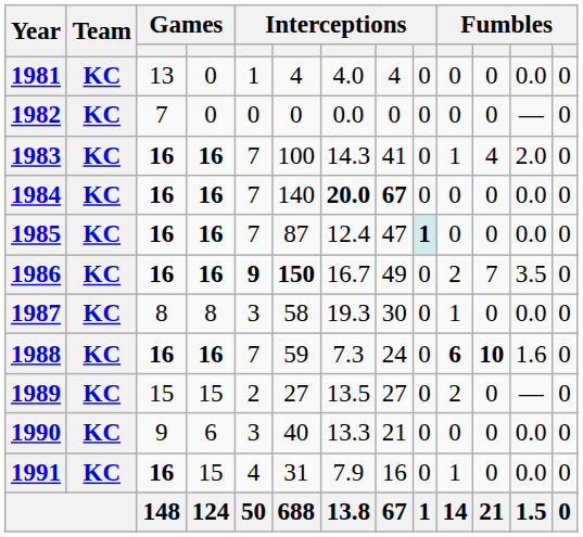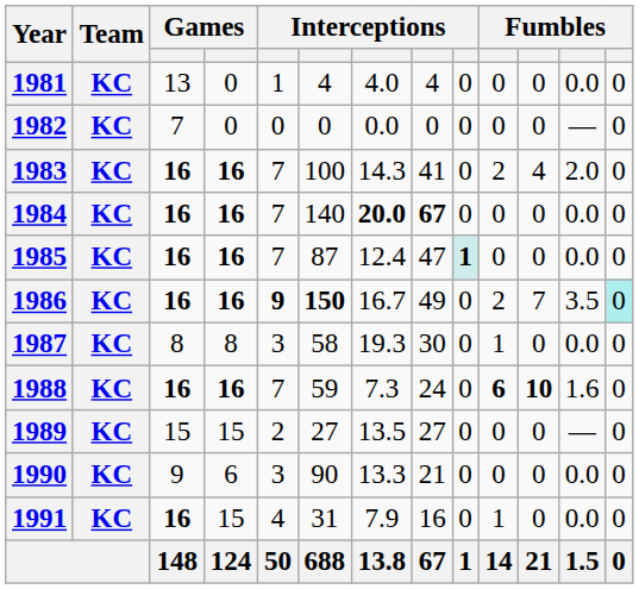 <table class="wikitable" style="text-align:center;">
 <tr>
 <th rowspan="2">Year</th>
 <th rowspan="2">Team</th>
 <th colspan="2">Games</th>
 <th colspan="5">Interceptions</th>
 <th colspan="4">Fumbles</th>
 </tr>
 <tr>
 <th></th>
 <th></th>
 <th></th>
 <th></th>
 <th></th>
 <th></th>
 <th></th>
 <th></th>
 <th></th>
 <th></th>
 <th></th>
 </tr>
 <tr>
 <th><a href='#'>1981</a></th>
 <th><a href='#'>KC</a></th>
 <td>13</td>
 <td>0</td>
 <td>1</td>
 <td>4</td>
 <td>4.0</td>
 <td>4</td>
 <td>0</td>
 <td>0</td>
 <td>0</td>
 <td>0.0</td>
 <td>0</td>
 </tr>
 <tr>
 <th><a href='#'>1982</a></th>
 <th><a href='#'>KC</a></th>
 <td>7</td>
 <td>0</td>
 <td>0</td>
 <td>0</td>
 <td>0.0</td>
 <td>0</td>
 <td>0</td>
 <td>0</td>
 <td>0</td>
 <td>—</td>
 <td>0</td>
 </tr>
 <tr>
 <th><a href='#'>1983</a></th>
 <th><a href='#'>KC</a></th>
 <td><strong>16</strong></td>
 <td><strong>16</strong></td>
 <td>7</td>
 <td>100</td>
 <td>14.3</td>
 <td>41</td>
 <td>0</td>
-<td>1</td>
+<td>2</td>
 <td>4</td>
 <td>2.0</td>
 <td>0</td>
 </tr>
 <tr>
 <th><a href='#'>1984</a></th>
 <th><a href='#'>KC</a></th>
 <td><strong>16</strong></td>
 <td><strong>16</strong></td>
 <td>7</td>
 <td>140</td>
 <td><strong>20.0</strong></td>
 <td><strong>67</strong></td>
 <td>0</td>
 <td>0</td>
 <td>0</td>
 <td>0.0</td>
 <td>0</td>
 </tr>
 <tr>
 <th><a href='#'>1985</a></th>
 <th><a href='#'>KC</a></th>
 <td><strong>16</strong></td>
 <td><strong>16</strong></td>
 <td>7</td>
 <td>87</td>
 <td>12.4</td>
 <td>47</td>
 <td style="background:#cfecec;"><strong>1</strong></td>
 <td>0</td>
 <td>0</td>
 <td>0.0</td>
 <td>0</td>
 </tr>
 <tr>
 <th><a href='#'>1986</a></th>
 <th><a href='#'>KC</a></th>
 <td><strong>16</strong></td>
 <td><strong>16</strong></td>
 <td><strong>9</strong></td>
 <td><strong>150</strong></td>
 <td>16.7</td>
 <td>49</td>
 <td>0</td>
 <td>2</td>
 <td>7</td>
 <td>3.5</td>
-<td>0</td>
+<td style="background: paleturquoise;">0</td>
 </tr>
 <tr>
 <th><a href='#'>1987</a></th>
 <th><a href='#'>KC</a></th>
 <td>8</td>
 <td>8</td>
 <td>3</td>
 <td>58</td>
 <td>19.3</td>
 <td>30</td>
 <td>0</td>
 <td>1</td>
 <td>0</td>
 <td>0.0</td>
 <td>0</td>
 </tr>
 <tr>
 <th><a href='#'>1988</a></th>
 <th><a href='#'>KC</a></th>
 <td><strong>16</strong></td>
 <td><strong>16</strong></td>
 <td>7</td>
 <td>59</td>
 <td>7.3</td>
 <td>24</td>
 <td>0</td>
 <td><strong>6</strong></td>
 <td><strong>10</strong></td>
 <td>1.6</td>
 <td>0</td>
 </tr>
 <tr>
 <th><a href='#'>1989</a></th>
 <th><a href='#'>KC</a></th>
 <td>15</td>
 <td>15</td>
 <td>2</td>
 <td>27</td>
 <td>13.5</td>
 <td>27</td>
 <td>0</td>
-<td>2</td>
+<td>0</td>
 <td>0</td>
 <td>—</td>
 <td>0</td>
 </tr>
 <tr>
 <th><a href='#'>1990</a></th>
 <th><a href='#'>KC</a></th>
 <td>9</td>
 <td>6</td>
 <td>3</td>
-<td>40</td>
+<td>90</td>
 <td>13.3</td>
 <td>21</td>
 <td>0</td>
 <td>0</td>
 <td>0</td>
 <td>0.0</td>
 <td>0</td>
 </tr>
 <tr>
 <th><a href='#'>1991</a></th>
 <th><a href='#'>KC</a></th>
 <td><strong>16</strong></td>
 <td>15</td>
 <td>4</td>
 <td>31</td>
 <td>7.9</td>
 <td>16</td>
 <td>0</td>
 <td>1</td>
 <td>0</td>
 <td>0.0</td>
 <td>0</td>
 </tr>
 <tr>
 <th colspan="2"></th>
 <th>148</th>
 <th>124</th>
 <th>50</th>
 <th>688</th>
 <th>13.8</th>
 <th>67</th>
 <th>1</th>
 <th>14</th>
 <th>21</th>
 <th>1.5</th>
 <th>0</th>
 </tr>
 </table>
